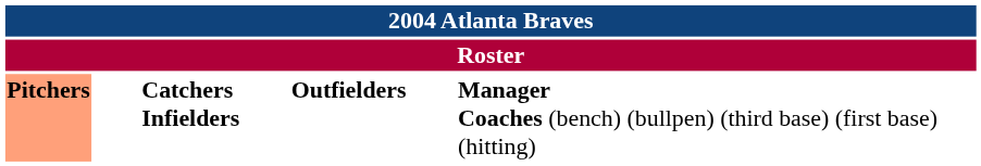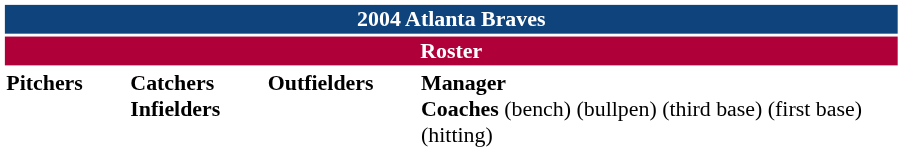 <table class="toccolours" style="font-size: 95%;">
 <tr>
 <th colspan="10" style="background-color: #0f437c; color: #FFFFFF; text-align: center;">2004 Atlanta Braves</th>
 </tr>
 <tr>
 <td colspan="10" style="background-color:#af0039; color: white; text-align: center;"><strong>Roster</strong></td>
 </tr>
 <tr>
-<td valign="top" style="background: lightsalmon;"><strong>Pitchers</strong><br>                    </td>
+<td valign="top"><strong>Pitchers</strong><br>                    </td>
 <td width="25px"></td>
 <td valign="top"><strong>Catchers</strong><br>  <strong>Infielders</strong>          </td>
 <td width="25px"></td>
 <td valign="top"><strong>Outfielders</strong><br>     </td>
 <td width="25px"></td>
 <td valign="top"><strong>Manager</strong><br> <strong>Coaches</strong>  (bench)  (bullpen)  (third base)  (first base)   (hitting)</td>
 </tr>
 </table>
